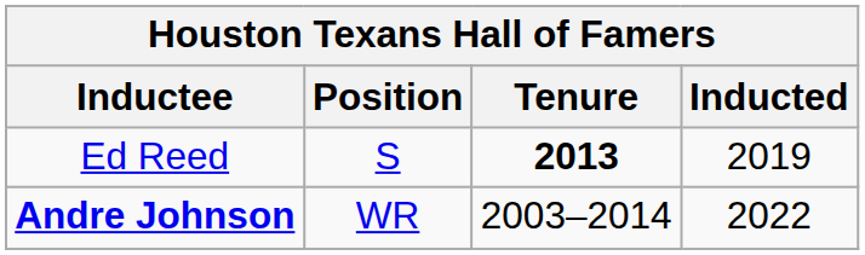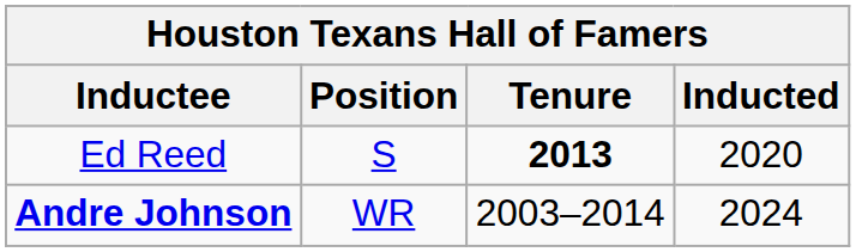 <table class="wikitable" style="text-align:center;">
 <tr>
 <th colspan="5">Houston Texans Hall of Famers</th>
 </tr>
 <tr>
 <th>Inductee</th>
 <th>Position</th>
 <th>Tenure</th>
 <th>Inducted</th>
 </tr>
 <tr>
 <td><a href='#'>Ed Reed</a></td>
 <td><a href='#'>S</a></td>
 <td><strong>2013</strong></td>
-<td>2019</td>
+<td>2020</td>
 </tr>
 <tr>
 <td><strong><a href='#'>Andre Johnson</a></strong></td>
 <td><a href='#'>WR</a></td>
 <td>2003–2014</td>
-<td>2022</td>
+<td>2024</td>
 </tr>
 </table>
